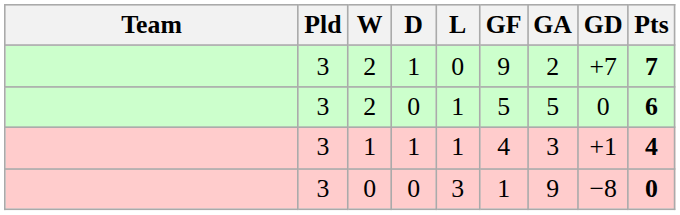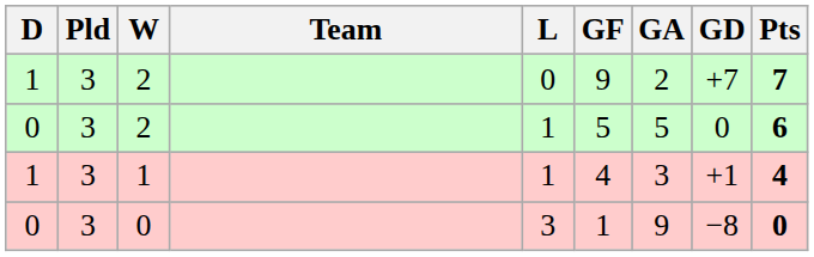 <table class="wikitable" style="text-align: center;">
 <tr>
-<th width=175>Team</th>
+<th width=20 abbr="Drawn">D</th>
 <th width=20 abbr="Played">Pld</th>
 <th width=20 abbr="Won">W</th>
-<th width=20 abbr="Drawn">D</th>
+<th width=175>Team</th>
 <th width=20 abbr="Lost">L</th>
 <th width=20 abbr="Goals for">GF</th>
 <th width=20 abbr="Goals against">GA</th>
 <th width=20 abbr="Goal difference">GD</th>
 <th width=20 abbr="Points">Pts</th>
 </tr>
 <tr bgcolor=#ccffcc>
-<td align=left></td>
+<td>1</td>
 <td>3</td>
 <td>2</td>
-<td>1</td>
+<td align=left></td>
 <td>0</td>
 <td>9</td>
 <td>2</td>
 <td>+7</td>
 <td><strong>7</strong></td>
 </tr>
 <tr bgcolor=#ccffcc>
-<td align=left></td>
+<td>0</td>
 <td>3</td>
 <td>2</td>
-<td>0</td>
+<td align=left></td>
 <td>1</td>
 <td>5</td>
 <td>5</td>
 <td>0</td>
 <td><strong>6</strong></td>
 </tr>
 <tr bgcolor=#ffcccc>
-<td align=left></td>
+<td>1</td>
 <td>3</td>
 <td>1</td>
-<td>1</td>
+<td align=left></td>
 <td>1</td>
 <td>4</td>
 <td>3</td>
 <td>+1</td>
 <td><strong>4</strong></td>
 </tr>
 <tr bgcolor=#ffcccc>
-<td align=left></td>
+<td>0</td>
 <td>3</td>
 <td>0</td>
-<td>0</td>
+<td align=left></td>
 <td>3</td>
 <td>1</td>
 <td>9</td>
 <td>−8</td>
 <td><strong>0</strong></td>
 </tr>
 </table>
